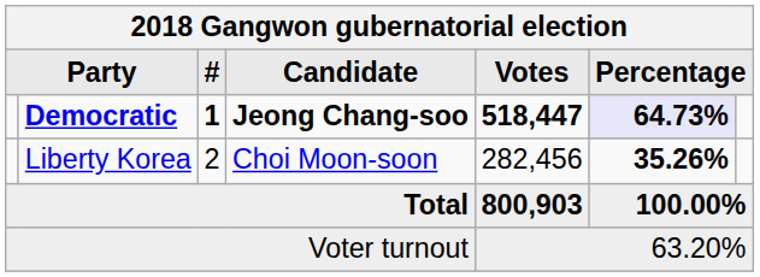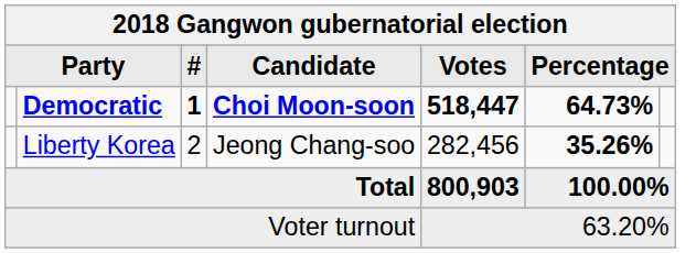 <table class="wikitable">
 <tr>
 <th colspan="7">2018 Gangwon gubernatorial election</th>
 </tr>
 <tr>
 <th style="background-color:#E9E9E9" colspan=2>Party</th>
 <th style="background-color:#E9E9E9">#</th>
 <th style="background-color:#E9E9E9">Candidate</th>
 <th style="background-color:#E9E9E9">Votes</th>
 <th style="background-color:#E9E9E9" colspan=2>Percentage</th>
 </tr>
 <tr style="font-weight:bold">
 <td></td>
 <td align=left><a href='#'>Democratic</a></td>
 <td align=center>1</td>
-<td align=left>Jeong Chang-soo</td>
+<td align=left><a href='#'>Choi Moon-soon</a></td>
 <td align=right>518,447</td>
-<td align=right style="background: lavender;">64.73%</td>
+<td align=right>64.73%</td>
 <td align=right></td>
 </tr>
 <tr>
 <td></td>
 <td align=left><a href='#'>Liberty Korea</a></td>
 <td align=center>2</td>
-<td align=left><a href='#'>Choi Moon-soon</a></td>
+<td align=left>Jeong Chang-soo</td>
 <td align=right>282,456</td>
 <td align=right><strong>35.26%</strong></td>
 <td align=right></td>
 </tr>
 <tr bgcolor="#EEEEEE" style="font-weight:bold">
 <td colspan="4" align=right>Total</td>
 <td align=right>800,903</td>
 <td align=right colspan=2>100.00%</td>
 </tr>
 <tr bgcolor="#EEEEEE">
 <td colspan="4" align="right">Voter turnout</td>
 <td colspan="3" align="right">63.20%</td>
 </tr>
 </table>
